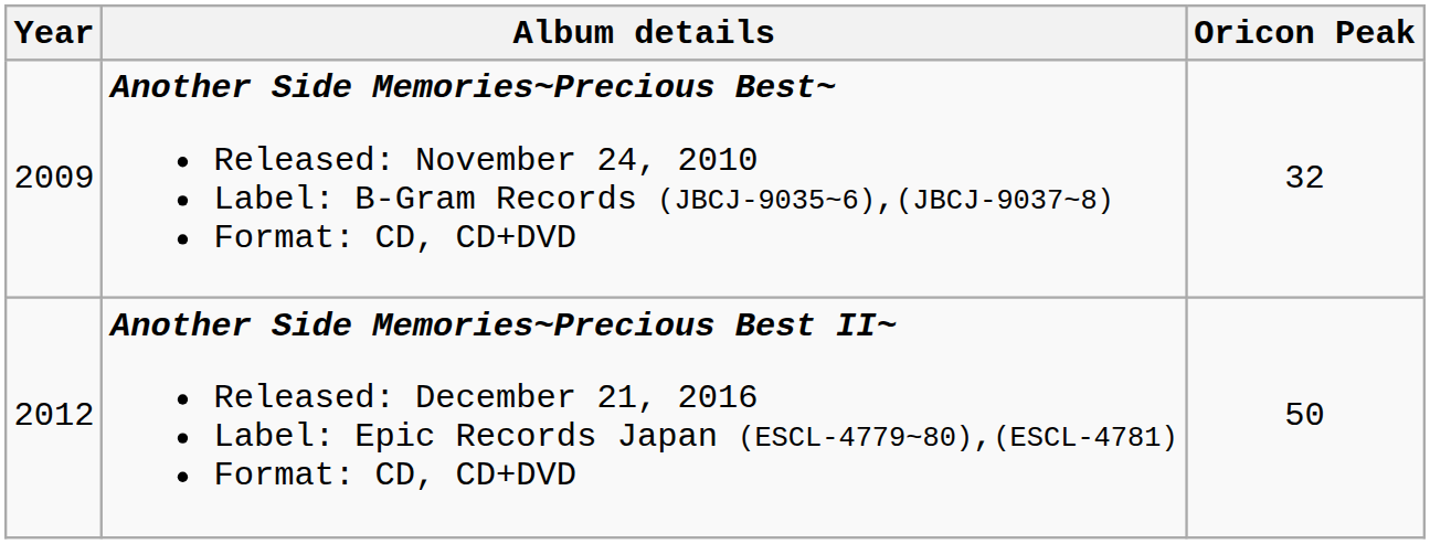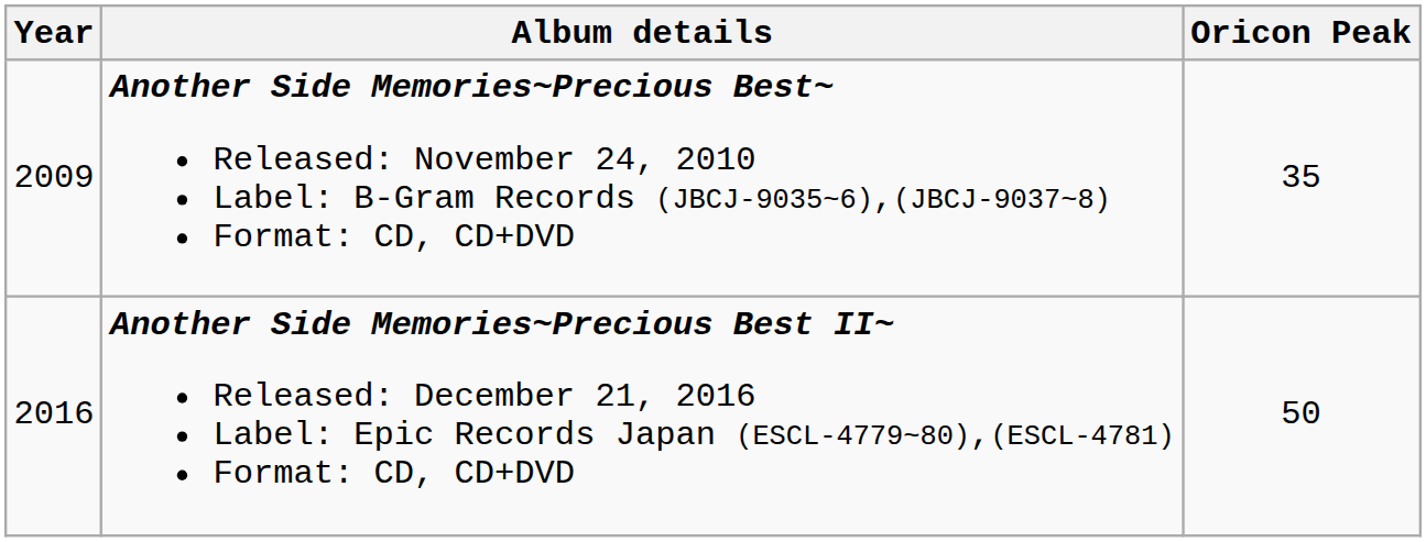 <table class="wikitable">
 <tr>
 <th>Year</th>
 <th>Album details</th>
 <th>Oricon Peak</th>
 </tr>
 <tr>
 <td>2009</td>
 <td><strong><em>Another Side Memories~Precious Best~</em></strong><br><ul><li>Released: November 24, 2010</li><li>Label: B-Gram Records <small>(JBCJ-9035~6)</small>,<small>(JBCJ-9037~8)</small></li><li>Format: CD, CD+DVD</li></ul></td>
-<td align="center">32</td>
+<td align="center">35</td>
 </tr>
 <tr>
-<td>2012</td>
+<td>2016</td>
 <td><strong><em>Another Side Memories~Precious Best II~</em></strong><br><ul><li>Released: December 21, 2016</li><li>Label: Epic Records Japan <small>(ESCL-4779~80)</small>,<small>(ESCL-4781)</small></li><li>Format: CD, CD+DVD</li></ul></td>
 <td align="center">50</td>
 </tr>
 </table>
